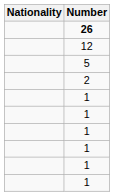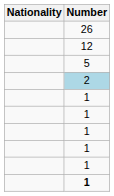 <table class="wikitable sortable">
 <tr>
 <th>Nationality</th>
 <th>Number</th>
 </tr>
 <tr>
 <td></td>
-<td align=center><strong>26</strong></td>
+<td align=center>26</td>
 </tr>
 <tr>
 <td></td>
 <td align=center>12</td>
 </tr>
 <tr>
 <td></td>
 <td align=center>5</td>
 </tr>
 <tr>
 <td></td>
-<td align=center>2</td>
+<td align=center style="background: lightblue;">2</td>
 </tr>
 <tr>
 <td></td>
 <td align=center>1</td>
 </tr>
 <tr>
 <td></td>
 <td align=center>1</td>
 </tr>
 <tr>
 <td></td>
 <td align=center>1</td>
 </tr>
 <tr>
 <td></td>
 <td align=center>1</td>
 </tr>
 <tr>
 <td></td>
 <td align=center>1</td>
 </tr>
 <tr>
 <td></td>
-<td align=center>1</td>
+<td align=center><strong>1</strong></td>
 </tr>
 </table>
